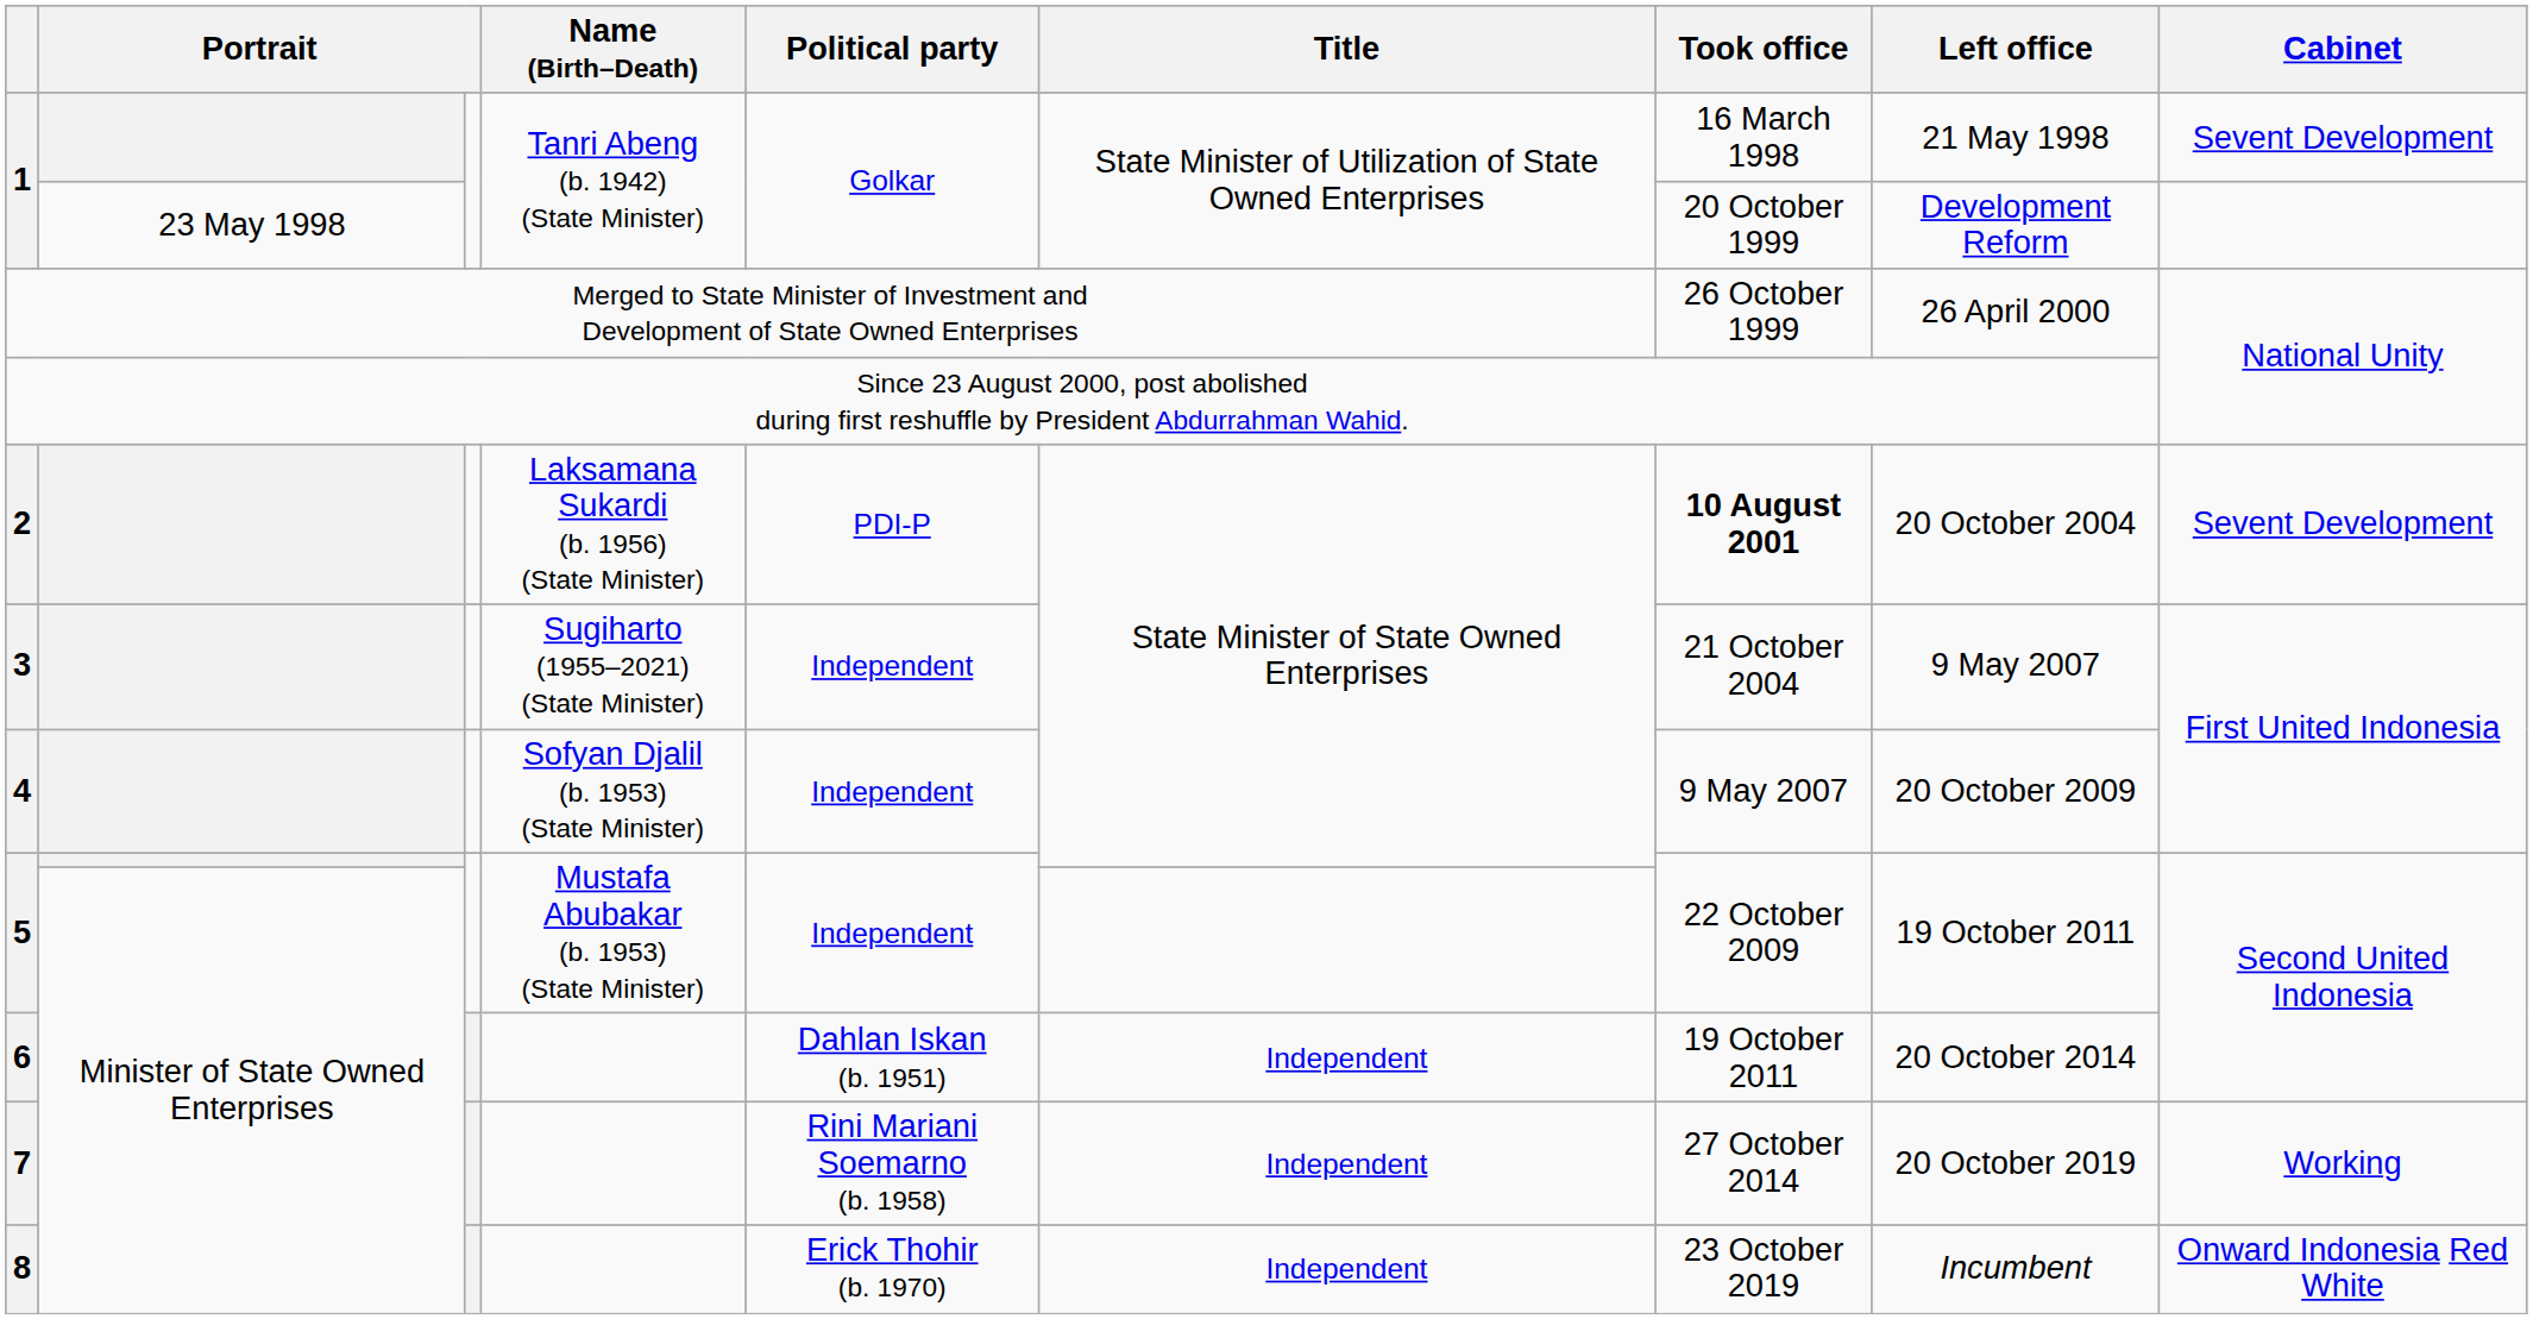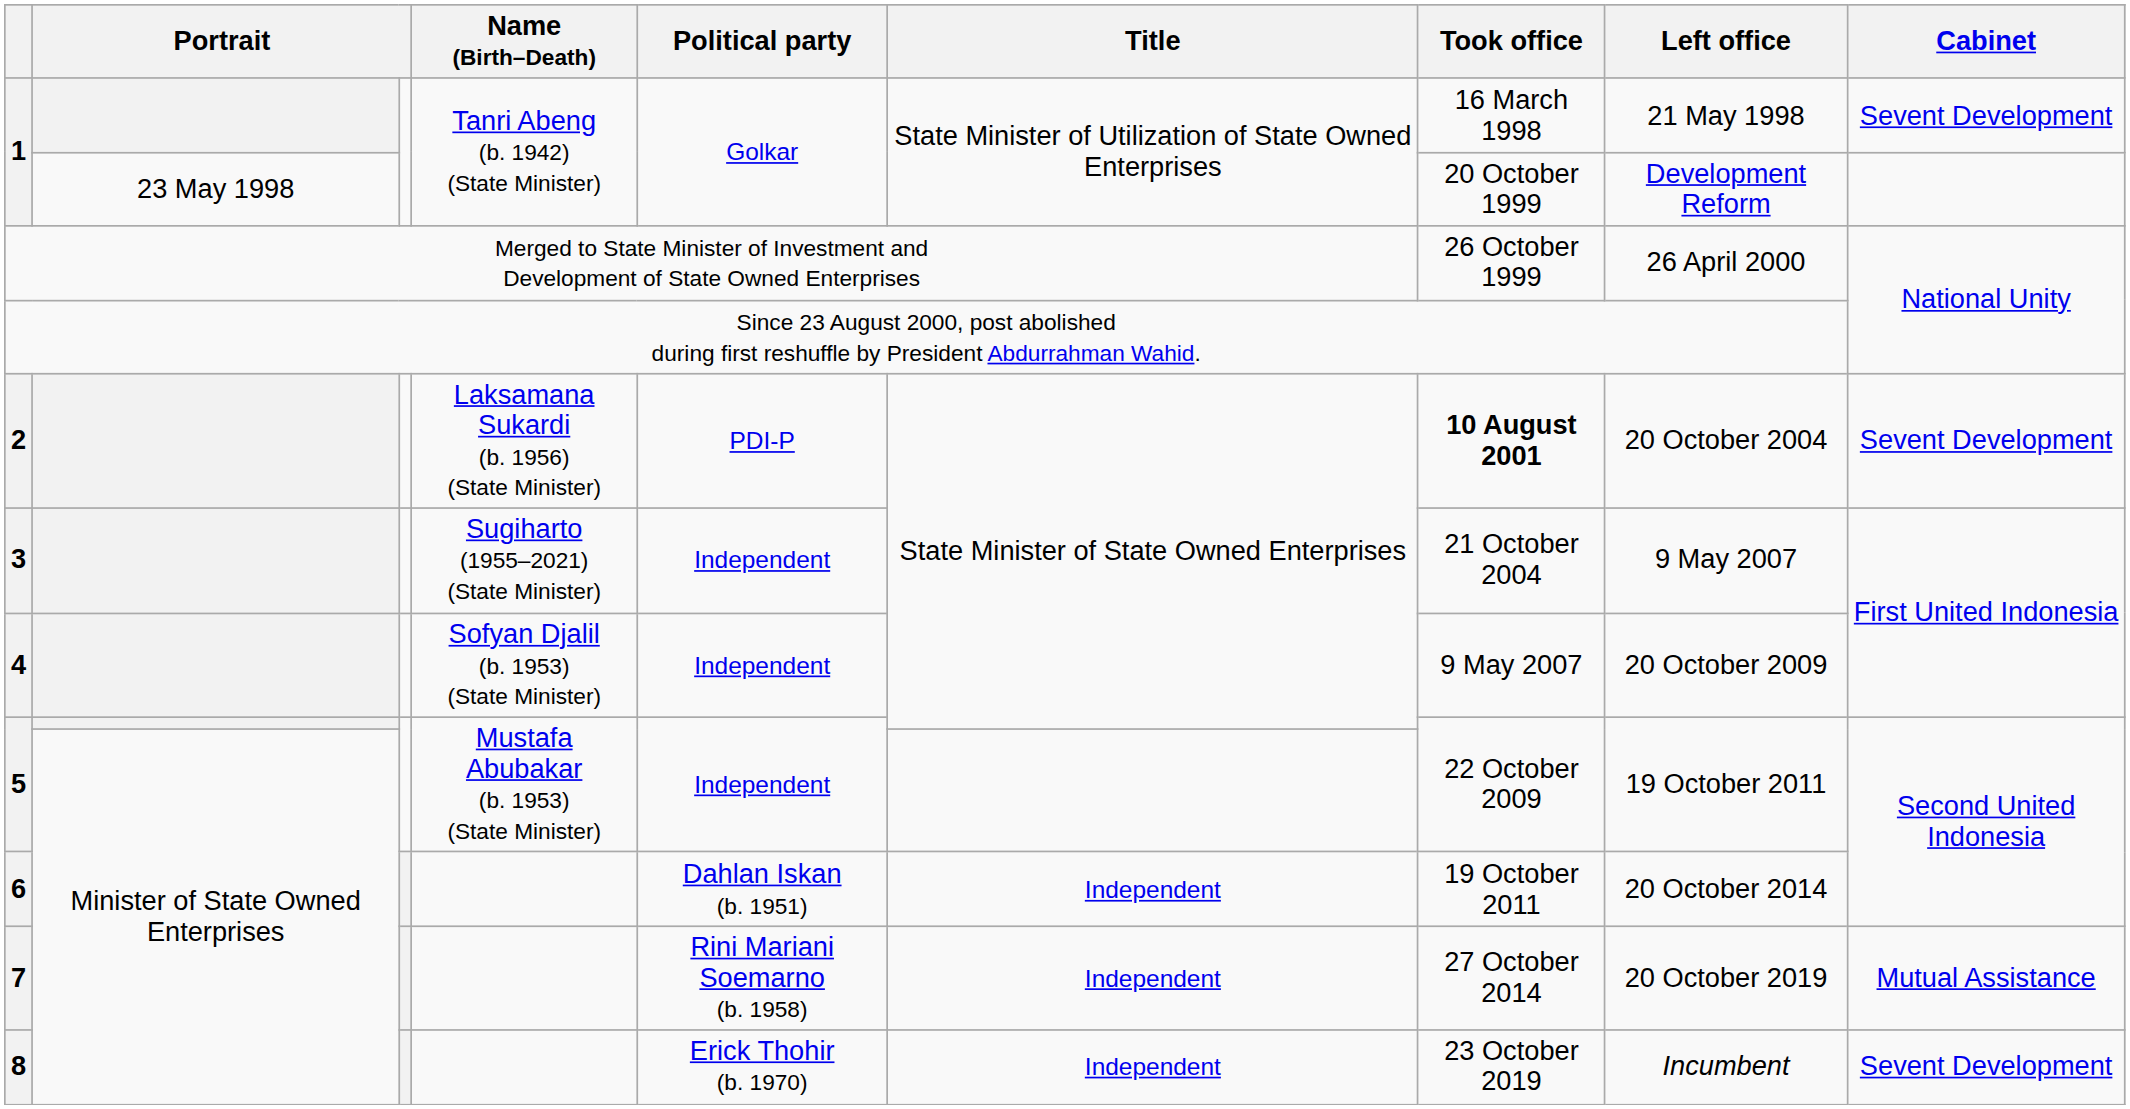 <table class="wikitable" style="text-align:center;">
 <tr>
 <th></th>
 <th colspan=2>Portrait</th>
 <th>Name<br><small>(Birth–Death)</small></th>
 <th>Political party</th>
 <th>Title</th>
 <th>Took office</th>
 <th>Left office</th>
 <th><a href='#'>Cabinet</a></th>
 </tr>
 <tr>
 <th rowspan="2">1</th>
 <th style="background:"></th>
 <td rowspan="2"></td>
 <td rowspan="2"><a href='#'>Tanri Abeng</a><br><small>(b. 1942)</small><br><small>(State Minister)</small></td>
 <td rowspan=2 style="font-size: 90%"><a href='#'>Golkar</a></td>
 <td rowspan="2">State Minister of Utilization of State Owned Enterprises</td>
 <td>16 March 1998</td>
 <td>21 May 1998</td>
 <td><a href='#'>Sevent Development</a></td>
 </tr>
 <tr>
 <td>23 May 1998</td>
 <td>20 October 1999</td>
 <td><a href='#'>Development Reform</a></td>
 </tr>
 <tr>
 <td colspan=6><small>Merged to State Minister of Investment and<br> Development of State Owned Enterprises</small></td>
 <td>26 October 1999</td>
 <td>26 April 2000</td>
 <td rowspan="2"><a href='#'>National Unity</a></td>
 </tr>
 <tr>
 <td colspan="8"><small>Since 23 August 2000, post abolished<br> during first reshuffle by President <a href='#'>Abdurrahman Wahid</a>.</small></td>
 </tr>
 <tr>
 <th>2</th>
 <th style="background:"></th>
 <td></td>
 <td><a href='#'>Laksamana Sukardi</a><br><small>(b. 1956)</small><br><small>(State Minister)</small></td>
 <td style="font-size: 90%"><a href='#'>PDI-P</a></td>
 <td rowspan="4">State Minister of State Owned Enterprises</td>
 <td><strong>10 August 2001</strong></td>
 <td>20 October 2004</td>
 <td><a href='#'>Sevent Development</a></td>
 </tr>
 <tr>
 <th>3</th>
 <th style="background:"></th>
 <td></td>
 <td><a href='#'>Sugiharto</a><br><small>(1955–2021)</small><br><small>(State Minister)</small></td>
 <td style="font-size: 90%"><a href='#'>Independent</a></td>
 <td>21 October 2004</td>
 <td>9 May 2007</td>
 <td rowspan="2"><a href='#'>First United Indonesia</a></td>
 </tr>
 <tr>
 <th>4</th>
 <th style="background:"></th>
 <td></td>
 <td><a href='#'>Sofyan Djalil</a><br><small>(b. 1953)</small><br><small>(State Minister)</small></td>
 <td style="font-size: 90%"><a href='#'>Independent</a></td>
 <td>9 May 2007</td>
 <td>20 October 2009</td>
 </tr>
 <tr>
 <th rowspan="2">5</th>
 <th style="background:"></th>
 <td rowspan="2"></td>
 <td rowspan="2"><a href='#'>Mustafa Abubakar</a><br><small>(b. 1953)</small><br><small>(State Minister)</small></td>
 <td rowspan=2 style="font-size: 90%"><a href='#'>Independent</a></td>
 <td rowspan="2">22 October 2009</td>
 <td rowspan="2">19 October 2011</td>
 <td rowspan="3"><a href='#'>Second United Indonesia</a></td>
 </tr>
 <tr>
 <td rowspan="4">Minister of State Owned Enterprises</td>
 </tr>
 <tr>
 <th>6</th>
 <th style="background:"></th>
 <td></td>
 <td><a href='#'>Dahlan Iskan</a><br><small>(b. 1951)</small></td>
 <td style="font-size: 90%"><a href='#'>Independent</a></td>
 <td>19 October 2011</td>
 <td>20 October 2014</td>
 </tr>
 <tr>
 <th>7</th>
 <th style="background:"></th>
 <td></td>
 <td><a href='#'>Rini Mariani Soemarno</a><br><small>(b. 1958)</small></td>
 <td style="font-size: 90%"><a href='#'>Independent</a></td>
 <td>27 October 2014</td>
 <td>20 October 2019</td>
-<td><a href='#'>Working</a></td>
+<td><a href='#'>Mutual Assistance</a></td>
 </tr>
 <tr>
 <th>8</th>
 <th style="background:"></th>
 <td></td>
 <td><a href='#'>Erick Thohir</a><br><small>(b. 1970)</small></td>
 <td style="font-size: 90%"><a href='#'>Independent</a></td>
 <td>23 October 2019</td>
 <td><em>Incumbent</em></td>
-<td><a href='#'>Onward Indonesia</a> <a href='#'>Red White</a></td>
+<td><a href='#'>Sevent Development</a></td>
 </tr>
 </table>
